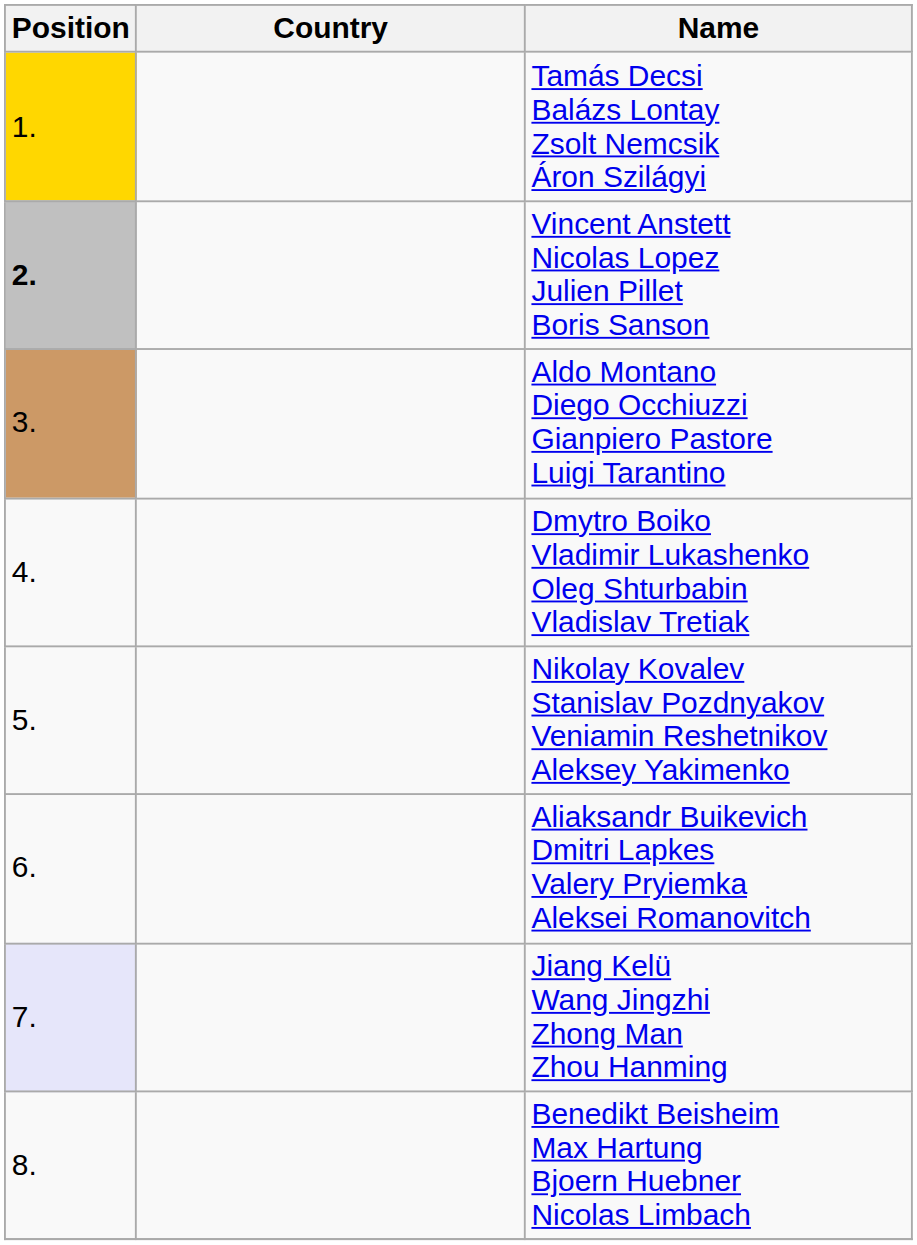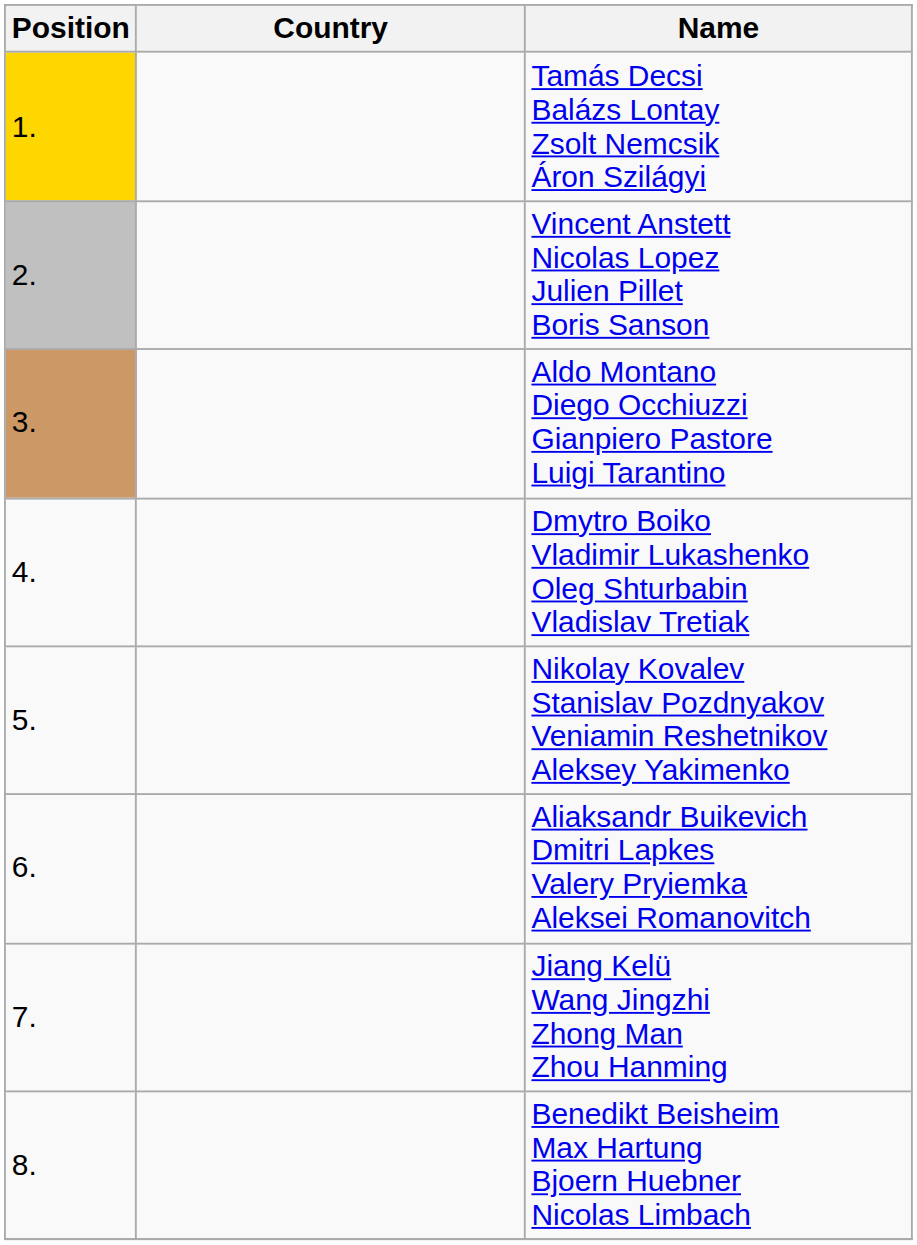 <table class="wikitable">
 <tr>
 <th width="10">Position</th>
 <th width="200">Country</th>
 <th width="200">Name</th>
 </tr>
 <tr>
 <td bgcolor="gold">1.</td>
 <td></td>
 <td><a href='#'>Tamás Decsi</a><br><a href='#'>Balázs Lontay</a> <br><a href='#'>Zsolt Nemcsik</a> <br><a href='#'>Áron Szilágyi</a></td>
 </tr>
 <tr>
-<td bgcolor="silver"><strong>2.</strong></td>
+<td bgcolor="silver">2.</td>
 <td></td>
 <td><a href='#'>Vincent Anstett</a><br><a href='#'>Nicolas Lopez</a><br> <a href='#'>Julien Pillet</a><br> <a href='#'>Boris Sanson</a></td>
 </tr>
 <tr>
 <td bgcolor="#CC9966">3.</td>
 <td></td>
 <td><a href='#'>Aldo Montano</a><br><a href='#'>Diego Occhiuzzi</a><br><a href='#'>Gianpiero Pastore</a><br><a href='#'>Luigi Tarantino</a></td>
 </tr>
 <tr>
 <td>4.</td>
 <td></td>
 <td><a href='#'>Dmytro Boiko</a><br><a href='#'>Vladimir Lukashenko</a><br><a href='#'>Oleg Shturbabin</a><br> <a href='#'>Vladislav Tretiak</a></td>
 </tr>
 <tr>
 <td>5.</td>
 <td></td>
 <td><a href='#'>Nikolay Kovalev</a><br><a href='#'>Stanislav Pozdnyakov</a><br><a href='#'>Veniamin Reshetnikov</a><br><a href='#'>Aleksey Yakimenko</a></td>
 </tr>
 <tr>
 <td>6.</td>
 <td></td>
 <td><a href='#'>Aliaksandr Buikevich</a><br><a href='#'>Dmitri Lapkes</a><br><a href='#'>Valery Pryiemka</a><br><a href='#'>Aleksei Romanovitch</a></td>
 </tr>
 <tr>
-<td style="background: lavender;">7.</td>
+<td>7.</td>
 <td></td>
 <td><a href='#'>Jiang Kelü</a><br> <a href='#'>Wang Jingzhi</a><br> <a href='#'>Zhong Man</a><br> <a href='#'>Zhou Hanming</a></td>
 </tr>
 <tr>
 <td>8.</td>
 <td></td>
 <td><a href='#'>Benedikt Beisheim</a><br><a href='#'>Max Hartung</a><br><a href='#'>Bjoern Huebner</a><br><a href='#'>Nicolas Limbach</a></td>
 </tr>
 <tr>
 </tr>
 </table>
